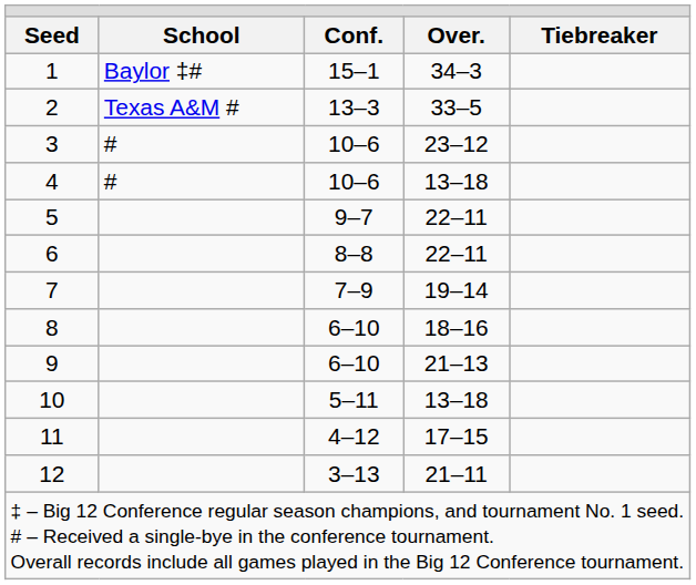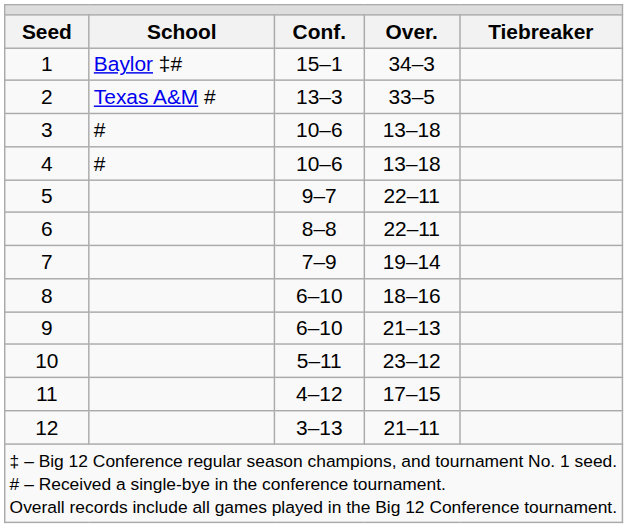 <table class="wikitable" style="white-space:nowrap; font-size:90%;text-align:center">
 <tr>
 <td colspan="10" style="text-align:center; background:#DDDDDD; font:#000000"><strong></strong></td>
 </tr>
 <tr bgcolor="#efefef">
 <th>Seed</th>
 <th>School</th>
 <th>Conf.</th>
 <th>Over.</th>
 <th>Tiebreaker</th>
 </tr>
 <tr>
 <td>1</td>
 <td align=left><a href='#'>Baylor</a> ‡#</td>
 <td>15–1</td>
 <td>34–3</td>
 <td></td>
 </tr>
 <tr>
 <td>2</td>
 <td align=left><a href='#'>Texas A&M</a> #</td>
 <td>13–3</td>
 <td>33–5</td>
 <td></td>
 </tr>
 <tr>
 <td>3</td>
 <td align=left> #</td>
 <td>10–6</td>
-<td>23–12</td>
+<td>13–18</td>
 <td></td>
 </tr>
 <tr>
 <td>4</td>
 <td align=left> #</td>
 <td>10–6</td>
 <td>13–18</td>
 <td></td>
 </tr>
 <tr>
 <td>5</td>
 <td align=left></td>
 <td>9–7</td>
 <td>22–11</td>
 <td></td>
 </tr>
 <tr>
 <td>6</td>
 <td align=left></td>
 <td>8–8</td>
 <td>22–11</td>
 <td></td>
 </tr>
 <tr>
 <td>7</td>
 <td align=left></td>
 <td>7–9</td>
 <td>19–14</td>
 <td></td>
 </tr>
 <tr>
 <td>8</td>
 <td align=left></td>
 <td>6–10</td>
 <td>18–16</td>
 <td></td>
 </tr>
 <tr>
 <td>9</td>
 <td align=left></td>
 <td>6–10</td>
 <td>21–13</td>
 <td></td>
 </tr>
 <tr>
 <td>10</td>
 <td align=left></td>
 <td>5–11</td>
-<td>13–18</td>
+<td>23–12</td>
 <td></td>
 </tr>
 <tr>
 <td>11</td>
 <td align=left></td>
 <td>4–12</td>
 <td>17–15</td>
 <td></td>
 </tr>
 <tr>
 <td>12</td>
 <td align=left></td>
 <td>3–13</td>
 <td>21–11</td>
 <td></td>
 </tr>
 <tr>
 <td colspan="10" style="text-align:left;"><small>‡ – Big 12 Conference regular season champions, and tournament No. 1 seed.<br># – Received a single-bye in the conference tournament.<br>Overall records include all games played in the Big 12 Conference tournament.</small></td>
 </tr>
 </table>
